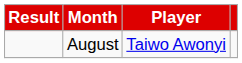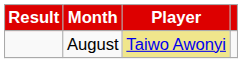 <table class="wikitable" style="text-align:left">
 <tr>
 <th style="background:#DD0000; color:#FFFFFF; ">Result</th>
 <th style="background:#DD0000; color:#FFFFFF; ">Month</th>
 <th style="background:#DD0000;color:#FFFFFF; ">Player</th>
 <th style="background:#DD0000; color:#FFFFFF; "></th>
 </tr>
 <tr>
 </tr>
 <tr>
 <td></td>
 <td>August</td>
-<td> <a href='#'>Taiwo Awonyi</a></td>
+<td style="background: khaki;"> <a href='#'>Taiwo Awonyi</a></td>
 <td></td>
 </tr>
 <tr>
 </tr>
 </table>
